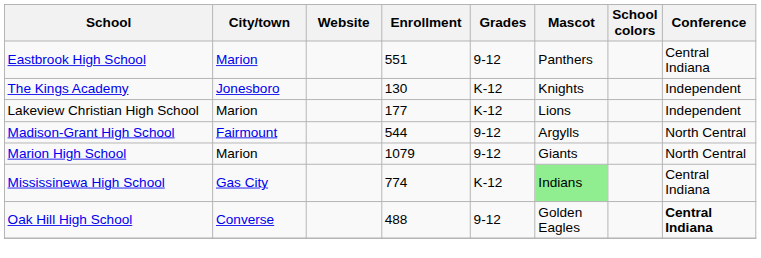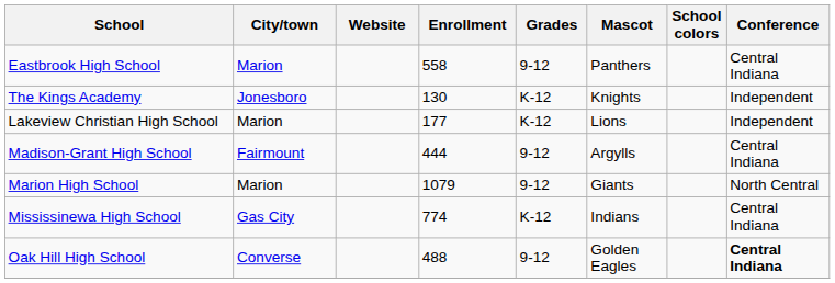 <table class="wikitable sortable" width="70%">
 <tr>
 <th width="20%">School</th>
 <th width="08%">City/town</th>
 <th width="06%">Website</th>
 <th width="04%">Enrollment</th>
 <th width="04%">Grades</th>
 <th width="04%">Mascot</th>
 <th width=01%>School colors</th>
 <th width="04%">Conference</th>
 </tr>
 <tr>
 <td><a href='#'>Eastbrook High School</a></td>
 <td><a href='#'>Marion</a></td>
 <td></td>
-<td>551</td>
+<td>558</td>
 <td>9-12</td>
 <td>Panthers</td>
 <td>  </td>
 <td>Central Indiana</td>
 </tr>
 <tr>
 <td><a href='#'>The Kings Academy</a></td>
 <td><a href='#'>Jonesboro</a></td>
 <td></td>
 <td>130</td>
 <td>K-12</td>
 <td>Knights</td>
 <td></td>
 <td>Independent</td>
 </tr>
 <tr>
 <td>Lakeview Christian High School</td>
 <td>Marion</td>
 <td></td>
 <td>177</td>
 <td>K-12</td>
 <td>Lions</td>
 <td>  </td>
 <td>Independent</td>
 </tr>
 <tr>
 <td><a href='#'>Madison-Grant High School</a></td>
 <td><a href='#'>Fairmount</a></td>
 <td></td>
-<td>544</td>
+<td>444</td>
 <td>9-12</td>
 <td>Argylls</td>
 <td>  </td>
-<td>North Central</td>
+<td>Central Indiana</td>
 </tr>
 <tr>
 <td><a href='#'>Marion High School</a></td>
 <td>Marion</td>
 <td></td>
 <td>1079</td>
 <td>9-12</td>
 <td>Giants</td>
 <td> </td>
 <td>North Central</td>
 </tr>
 <tr>
 <td><a href='#'>Mississinewa High School</a></td>
 <td><a href='#'>Gas City</a></td>
 <td></td>
 <td>774</td>
 <td>K-12</td>
-<td style="background: lightgreen;">Indians</td>
+<td>Indians</td>
 <td> </td>
 <td>Central Indiana</td>
 </tr>
 <tr>
 <td><a href='#'>Oak Hill High School</a></td>
 <td><a href='#'>Converse</a></td>
 <td></td>
 <td>488</td>
 <td>9-12</td>
 <td>Golden Eagles</td>
 <td>  </td>
 <td><strong>Central Indiana</strong></td>
 </tr>
 <tr>
 </tr>
 </table>
